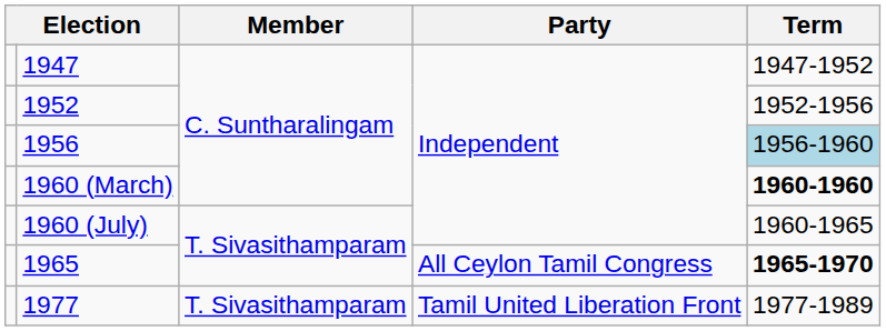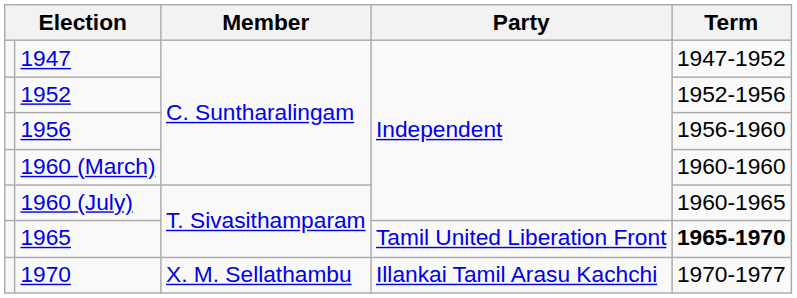 <table class="wikitable">
 <tr>
 <th colspan="2">Election</th>
 <th>Member</th>
 <th>Party</th>
 <th>Term</th>
 </tr>
 <tr>
 <td style="background-color: "></td>
 <td><a href='#'>1947</a></td>
 <td rowspan ="4"><a href='#'>C. Suntharalingam</a></td>
 <td rowspan ="5"><a href='#'>Independent</a></td>
 <td>1947-1952</td>
 </tr>
 <tr>
 <td style="background-color: "></td>
 <td><a href='#'>1952</a></td>
 <td>1952-1956</td>
 </tr>
 <tr>
 <td style="background-color: "></td>
 <td><a href='#'>1956</a></td>
-<td style="background: lightblue;">1956-1960</td>
+<td>1956-1960</td>
 </tr>
 <tr>
 <td style="background-color: "></td>
 <td><a href='#'>1960 (March)</a></td>
-<td><strong>1960-1960</strong></td>
+<td>1960-1960</td>
 </tr>
 <tr>
 <td style="background-color: "></td>
 <td><a href='#'>1960 (July)</a></td>
 <td rowspan ="2"><a href='#'>T. Sivasithamparam</a></td>
 <td>1960-1965</td>
 </tr>
 <tr>
 <td style="background-color: "></td>
 <td><a href='#'>1965</a></td>
-<td><a href='#'>All Ceylon Tamil Congress</a></td>
+<td><a href='#'>Tamil United Liberation Front</a></td>
 <td><strong>1965-1970</strong></td>
 </tr>
 <tr>
 <td style="background-color: "></td>
-<td><a href='#'>1977</a></td>
-<td><a href='#'>T. Sivasithamparam</a></td>
-<td><a href='#'>Tamil United Liberation Front</a></td>
-<td>1977-1989</td>
+<td><a href='#'>1970</a></td>
+<td><a href='#'>X. M. Sellathambu</a></td>
+<td><a href='#'>Illankai Tamil Arasu Kachchi</a></td>
+<td>1970-1977</td>
 </tr>
 </table>
